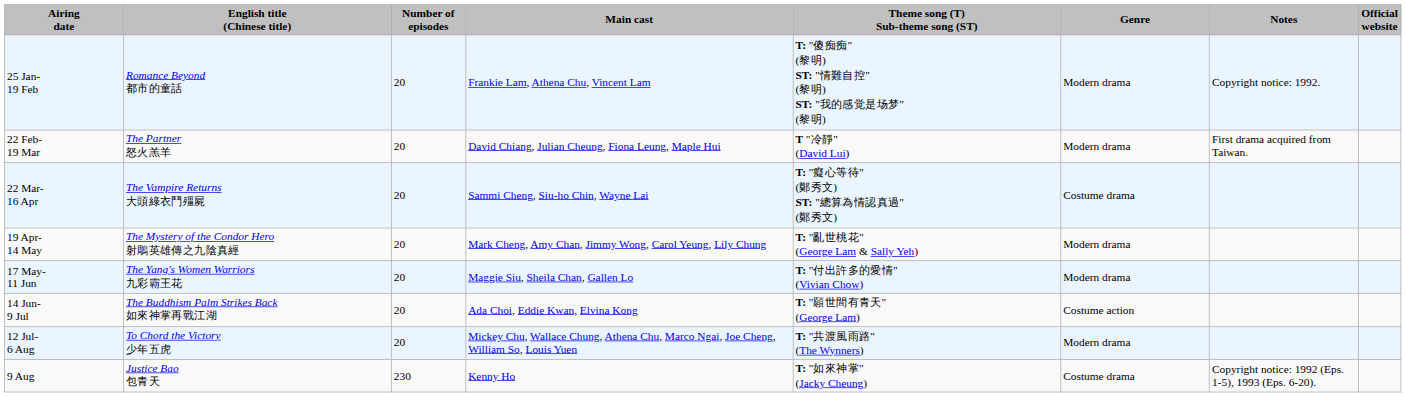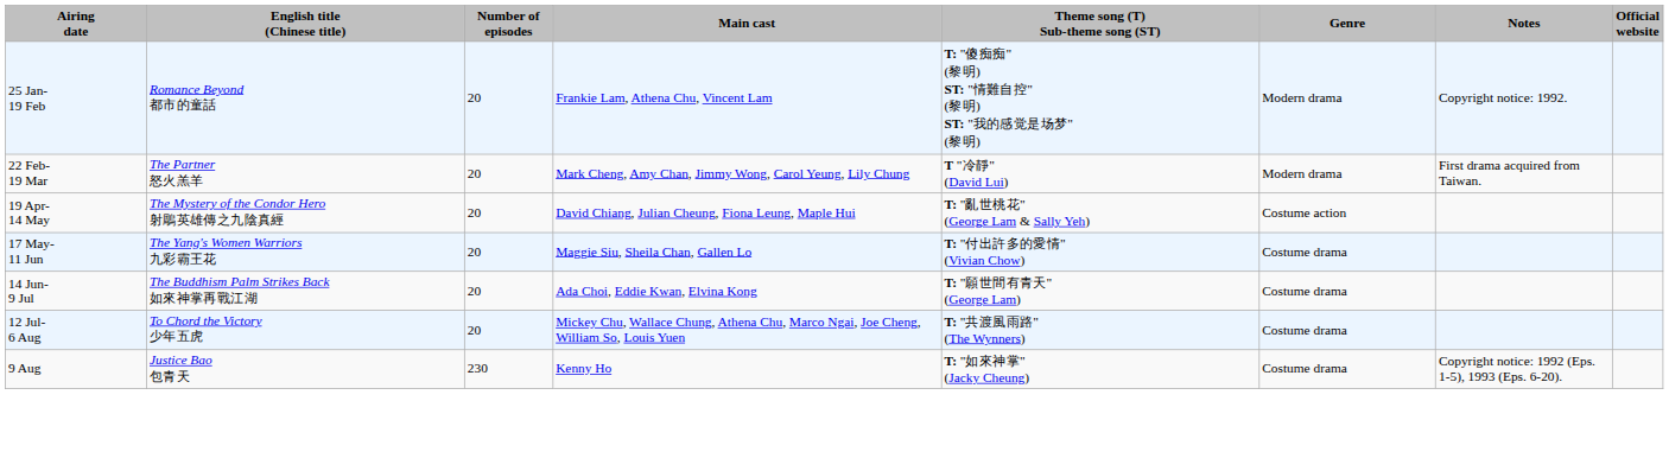 <table class="wikitable">
 <tr>
 <th style="width:8%; text-align:center; background:silver;">Airing<br>date</th>
 <th style="width:18%; text-align:center; background:silver;">English title <br> (Chinese title)</th>
 <th style="width:5%; text-align:center; background:silver;">Number of episodes</th>
 <th style="width:22%; text-align:center; background:silver;">Main cast</th>
 <th style="width:18%; text-align:center; background:silver;">Theme song (T) <br>Sub-theme song (ST)</th>
 <th style="width:10%; text-align:center; background:silver;">Genre</th>
 <th style="width:10%; text-align:center; background:silver;">Notes</th>
 <th style="width:1%; text-align:center; background:silver;">Official website</th>
 </tr>
 <tr style="background:#ebf5ff;">
 <td>25 Jan- <br> 19 Feb</td>
 <td><em><a href='#'>Romance Beyond</a></em> <br> 都市的童話</td>
 <td>20</td>
 <td><a href='#'>Frankie Lam</a>, <a href='#'>Athena Chu</a>, <a href='#'>Vincent Lam</a></td>
 <td><strong>T:</strong> "傻痴痴" <br> (黎明)<br><strong>ST:</strong> "情難自控" <br> (黎明) <br><strong>ST:</strong> "我的感觉是场梦" <br> (黎明)</td>
 <td>Modern drama</td>
 <td>Copyright notice: 1992.</td>
 <td></td>
 </tr>
 <tr>
 <td>22 Feb- <br> 19 Mar</td>
 <td><em><a href='#'>The Partner</a></em> <br> 怒火羔羊</td>
 <td>20</td>
-<td><a href='#'>David Chiang</a>, <a href='#'>Julian Cheung</a>, <a href='#'>Fiona Leung</a>, <a href='#'>Maple Hui</a></td>
+<td><a href='#'>Mark Cheng</a>, <a href='#'>Amy Chan</a>, <a href='#'>Jimmy Wong</a>, <a href='#'>Carol Yeung</a>, <a href='#'>Lily Chung</a></td>
 <td><strong>T</strong> "冷靜" <br> (<a href='#'>David Lui</a>)</td>
 <td>Modern drama</td>
 <td>First drama acquired from Taiwan.</td>
-<td></td>
-</tr>
-<tr style="background:#ebf5ff;">
-<td>22 Mar- <br> 16 Apr</td>
-<td><em><a href='#'>The Vampire Returns</a></em> <br> 大頭綠衣鬥殭屍</td>
-<td>20</td>
-<td><a href='#'>Sammi Cheng</a>, <a href='#'>Siu-ho Chin</a>, <a href='#'>Wayne Lai</a></td>
-<td><strong>T:</strong> "癡心等待" <br> (鄭秀文)<br><strong>ST:</strong> "總算為情認真過" <br> (鄭秀文)</td>
-<td>Costume drama</td>
-<td></td>
 <td></td>
 </tr>
 <tr>
 <td>19 Apr- <br> 14 May</td>
 <td><em><a href='#'>The Mystery of the Condor Hero</a></em> <br> 射鵰英雄傳之九陰真經</td>
 <td>20</td>
-<td><a href='#'>Mark Cheng</a>, <a href='#'>Amy Chan</a>, <a href='#'>Jimmy Wong</a>, <a href='#'>Carol Yeung</a>, <a href='#'>Lily Chung</a></td>
+<td><a href='#'>David Chiang</a>, <a href='#'>Julian Cheung</a>, <a href='#'>Fiona Leung</a>, <a href='#'>Maple Hui</a></td>
 <td><strong>T:</strong> "亂世桃花" <br> (<a href='#'>George Lam</a> & <a href='#'>Sally Yeh</a>)</td>
-<td>Modern drama</td>
+<td>Costume action</td>
 <td></td>
 <td></td>
 </tr>
 <tr style="background:#ebf5ff;">
 <td>17 May- <br> 11 Jun</td>
 <td><em><a href='#'>The Yang's Women Warriors</a></em> <br> 九彩霸王花</td>
 <td>20</td>
 <td><a href='#'>Maggie Siu</a>, <a href='#'>Sheila Chan</a>, <a href='#'>Gallen Lo</a></td>
 <td><strong>T:</strong> "付出許多的愛情" <br> (<a href='#'>Vivian Chow</a>)</td>
-<td>Modern drama</td>
+<td>Costume drama</td>
 <td></td>
 <td></td>
 </tr>
 <tr>
 <td>14 Jun- <br> 9 Jul</td>
 <td><em><a href='#'>The Buddhism Palm Strikes Back</a></em> <br> 如來神掌再戰江湖</td>
 <td>20</td>
 <td><a href='#'>Ada Choi</a>, <a href='#'>Eddie Kwan</a>, <a href='#'>Elvina Kong</a></td>
 <td><strong>T:</strong> "願世間有青天" <br> (<a href='#'>George Lam</a>)</td>
-<td>Costume action</td>
+<td>Costume drama</td>
 <td></td>
 <td></td>
 </tr>
 <tr style="background:#ebf5ff;">
 <td>12 Jul- <br> 6 Aug</td>
 <td><em><a href='#'>To Chord the Victory</a></em> <br> 少年五虎</td>
 <td>20</td>
 <td><a href='#'>Mickey Chu</a>, <a href='#'>Wallace Chung</a>, <a href='#'>Athena Chu</a>, <a href='#'>Marco Ngai</a>, <a href='#'>Joe Cheng</a>, <a href='#'>William So</a>, <a href='#'>Louis Yuen</a></td>
 <td><strong>T:</strong> "共渡風雨路" <br> (<a href='#'>The Wynners</a>)</td>
-<td>Modern drama</td>
+<td>Costume drama</td>
 <td></td>
 <td></td>
 </tr>
 <tr>
 <td>9 Aug</td>
 <td><em><a href='#'>Justice Bao</a></em> <br> 包青天</td>
 <td>230</td>
 <td><a href='#'>Kenny Ho</a></td>
 <td><strong>T:</strong> "如來神掌" <br> (<a href='#'>Jacky Cheung</a>)</td>
 <td>Costume drama</td>
 <td>Copyright notice: 1992 (Eps. 1-5), 1993 (Eps. 6-20).</td>
 <td></td>
 </tr>
 </table>
